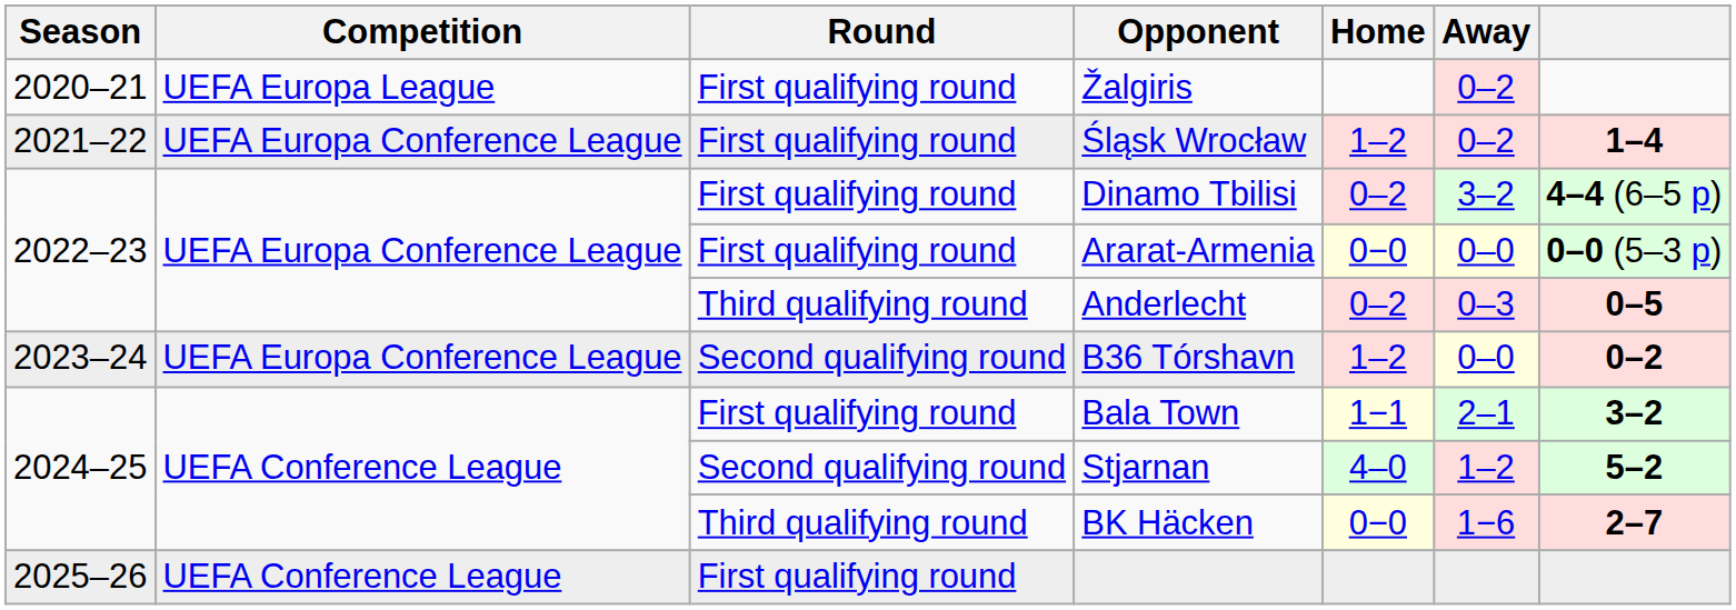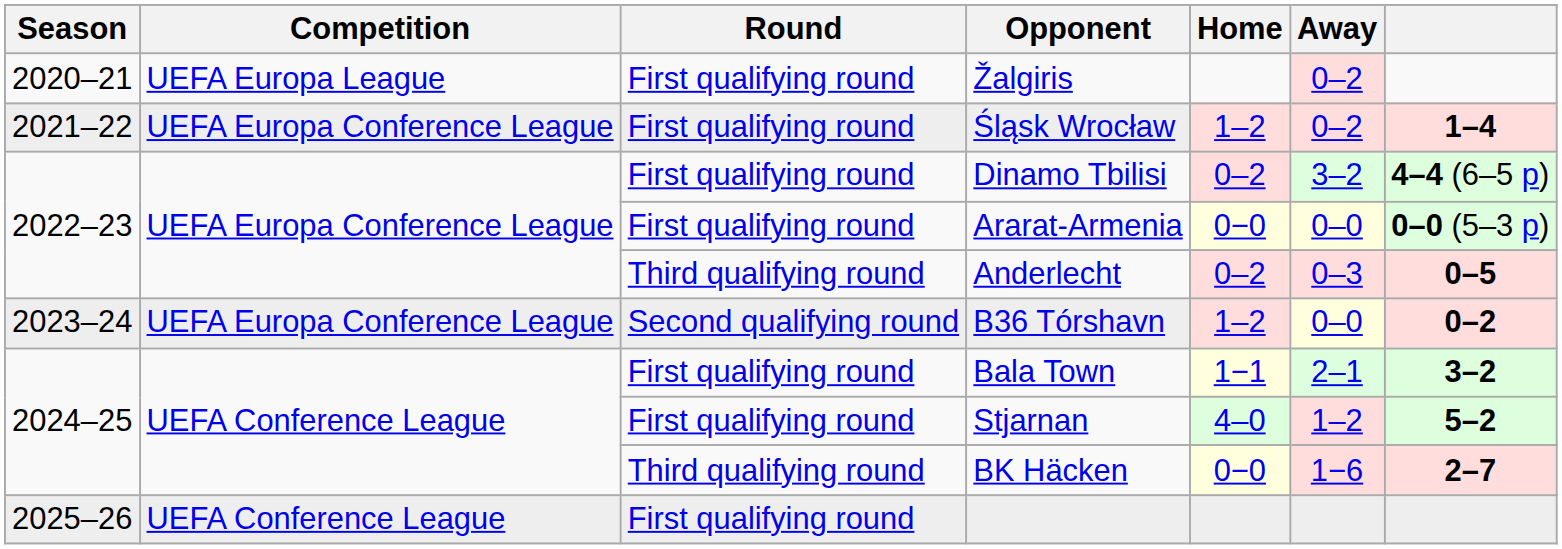 <table class="wikitable">
 <tr>
 <th>Season</th>
 <th>Competition</th>
 <th>Round</th>
 <th>Opponent</th>
 <th>Home</th>
 <th>Away</th>
 <th></th>
 </tr>
 <tr align=center>
 <td>2020–21</td>
 <td align=left><a href='#'>UEFA Europa League</a></td>
 <td align=left><a href='#'>First qualifying round</a></td>
 <td align=left> <a href='#'>Žalgiris</a></td>
 <td></td>
 <td style="text-align:center; background:#fdd;"><a href='#'>0–2</a></td>
 <td></td>
 </tr>
 <tr bgcolor=#EEEEEE align=center>
 <td>2021–22</td>
 <td align=left><a href='#'>UEFA Europa Conference League</a></td>
 <td align=left><a href='#'>First qualifying round</a></td>
 <td align=left> <a href='#'>Śląsk Wrocław</a></td>
 <td style="text-align:center; background:#fdd;"><a href='#'>1–2</a></td>
 <td style="text-align:center; background:#fdd;"><a href='#'>0–2</a></td>
 <td style="text-align:center; background:#fdd;"><strong>1–4</strong></td>
 </tr>
 <tr align=center>
 <td rowspan=3>2022–23</td>
 <td rowspan=3 align=left><a href='#'>UEFA Europa Conference League</a></td>
 <td align=left><a href='#'>First qualifying round</a></td>
 <td align=left> <a href='#'>Dinamo Tbilisi</a></td>
 <td style="text-align:center; background:#fdd;"><a href='#'>0–2</a></td>
 <td style="text-align:center; background:#dfd;"><a href='#'>3–2</a></td>
 <td style="text-align:center; background:#dfd;"><strong>4–4</strong> (6–5 <a href='#'>p</a>)</td>
 </tr>
 <tr>
 <td align=left><a href='#'>First qualifying round</a></td>
 <td align=left> <a href='#'>Ararat-Armenia</a></td>
 <td style="text-align:center; background:#ffd;"><a href='#'>0−0</a> </td>
 <td style="text-align:center; background:#ffd;"><a href='#'>0–0</a></td>
 <td style="text-align:center; background:#dfd;"><strong>0–0</strong> (5–3 <a href='#'>p</a>)</td>
 </tr>
 <tr>
 <td align=left><a href='#'>Third qualifying round</a></td>
 <td align=left> <a href='#'>Anderlecht</a></td>
 <td style="text-align:center; background:#fdd;"><a href='#'>0–2</a></td>
 <td style="text-align:center; background:#fdd;"><a href='#'>0–3</a></td>
 <td style="text-align:center; background:#fdd;"><strong>0–5</strong></td>
 </tr>
 <tr bgcolor=#EEEEEE align=center>
 <td rowspan=1>2023–24</td>
 <td rowspan=1 align=left><a href='#'>UEFA Europa Conference League</a></td>
 <td align=left><a href='#'>Second qualifying round</a></td>
 <td align=left> <a href='#'>B36 Tórshavn</a></td>
 <td style="text-align:center; background:#fdd;"><a href='#'>1–2</a> </td>
 <td style="text-align:center; background:#ffd;"><a href='#'>0–0</a></td>
 <td style="text-align:center; background:#fdd;"><strong>0–2</strong></td>
 </tr>
 <tr align=center>
 <td rowspan=3>2024–25</td>
 <td rowspan=3 align=left><a href='#'>UEFA Conference League</a></td>
 <td align=left><a href='#'>First qualifying round</a></td>
 <td align=left> <a href='#'>Bala Town</a></td>
 <td style="text-align:center; background:#ffd;"><a href='#'>1−1</a> </td>
 <td style="text-align:center; background:#dfd;"><a href='#'>2–1</a></td>
 <td style="text-align:center; background:#dfd;"><strong>3–2</strong></td>
 </tr>
 <tr align=center>
-<td align=left><a href='#'>Second qualifying round</a></td>
+<td align=left><a href='#'>First qualifying round</a></td>
 <td align=left> <a href='#'>Stjarnan</a></td>
 <td style="text-align:center; background:#dfd;"><a href='#'>4–0</a></td>
 <td style="text-align:center; background:#fdd;"><a href='#'>1–2</a></td>
 <td style="text-align:center; background:#dfd;"><strong>5–2</strong></td>
 </tr>
 <tr align=center>
 <td align=left><a href='#'>Third qualifying round</a></td>
 <td align=left> <a href='#'>BK Häcken</a></td>
 <td style="text-align:center; background:#ffd;"><a href='#'>0−0</a> </td>
 <td style="text-align:center; background:#fdd;"><a href='#'>1−6</a></td>
 <td style="text-align:center; background:#fdd;"><strong>2–7</strong></td>
 </tr>
 <tr bgcolor=#EEEEEE align=center>
 <td>2025–26</td>
 <td align=left><a href='#'>UEFA Conference League</a></td>
 <td align=left><a href='#'>First qualifying round</a></td>
 <td align=left></td>
 <td style="text-align:center;"></td>
 <td style="text-align:center;"></td>
 <td style="text-align:center;"></td>
 </tr>
 </table>
